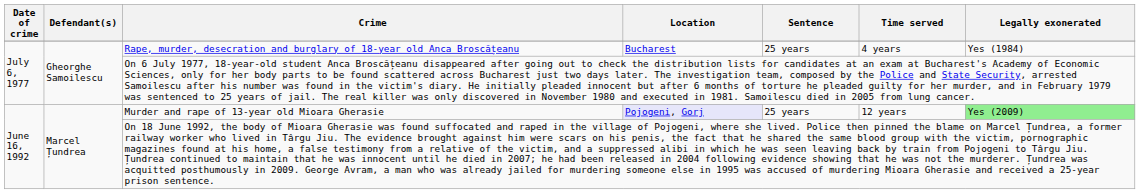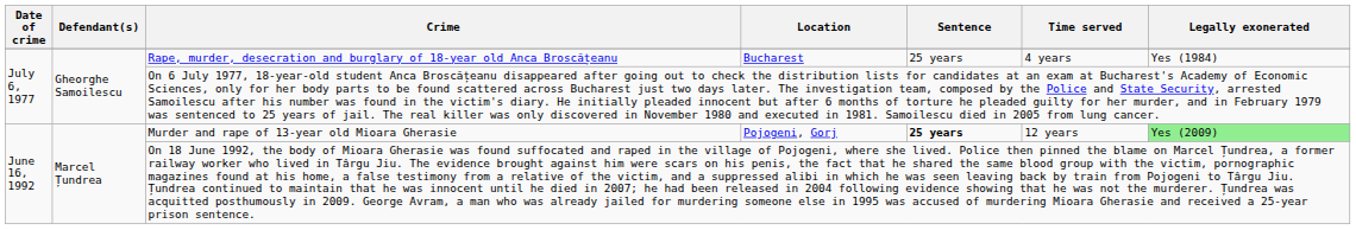 <table class="wikitable sortable">
 <tr>
 <th>Date of crime</th>
 <th>Defendant(s)</th>
 <th>Crime</th>
 <th>Location</th>
 <th>Sentence</th>
 <th>Time served</th>
 <th>Legally exonerated</th>
 </tr>
 <tr>
 </tr>
 <tr ->
 <td rowspan="2">July 6, 1977</td>
 <td rowspan="2">Gheorghe Samoilescu</td>
 <td><a href='#'>Rape, murder, desecration and burglary of 18-year old Anca Broscățeanu</a></td>
 <td><a href='#'>Bucharest</a></td>
 <td>25 years</td>
 <td>4 years</td>
 <td>Yes (1984)</td>
 </tr>
 <tr>
 <td colspan=5>On 6 July 1977, 18-year-old student Anca Broscățeanu disappeared after going out to check the distribution lists for candidates at an exam at Bucharest's Academy of Economic Sciences, only for her body parts to be found scattered across Bucharest just two days later. The investigation team, composed by the <a href='#'>Police</a> and <a href='#'>State Security</a>, arrested Samoilescu after his number was found in the victim's diary. He initially pleaded innocent but after 6 months of torture he pleaded guilty for her murder, and in February 1979 was sentenced to 25 years of jail. The real killer was only discovered in November 1980 and executed in 1981. Samoilescu died in 2005 from lung cancer.</td>
 </tr>
 <tr ->
 <td rowspan="2">June 16, 1992</td>
 <td rowspan="2">Marcel Țundrea</td>
 <td>Murder and rape of 13-year old Mioara Gherasie</td>
-<td style="background: lavender;"><a href='#'>Pojogeni</a>, <a href='#'>Gorj</a></td>
-<td>25 years</td>
+<td><a href='#'>Pojogeni</a>, <a href='#'>Gorj</a></td>
+<td><strong>25 years</strong></td>
 <td>12 years</td>
 <td style="background: lightgreen;">Yes (2009)</td>
 </tr>
 <tr>
 <td colspan=5>On 18 June 1992, the body of Mioara Gherasie was found suffocated and raped in the village of Pojogeni, where she lived. Police then pinned the blame on Marcel Țundrea, a former railway worker who lived in Târgu Jiu. The evidence brought against him were scars on his penis, the fact that he shared the same blood group with the victim, pornographic magazines found at his home, a false testimony from a relative of the victim, and a suppressed alibi in which he was seen leaving back by train from Pojogeni to Târgu Jiu. Țundrea continued to maintain that he was innocent until he died in 2007; he had been released in 2004 following evidence showing that he was not the murderer. Țundrea was acquitted posthumously in 2009. George Avram, a man who was already jailed for murdering someone else in 1995 was accused of murdering Mioara Gherasie and received a 25-year prison sentence.</td>
 </tr>
 </table>
